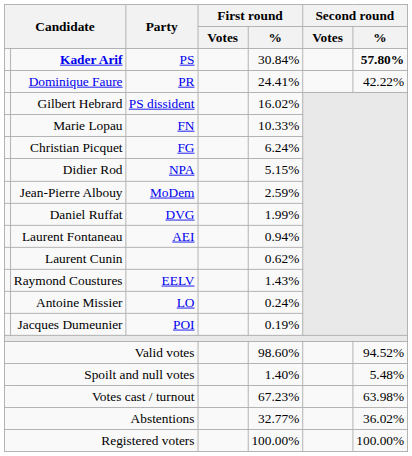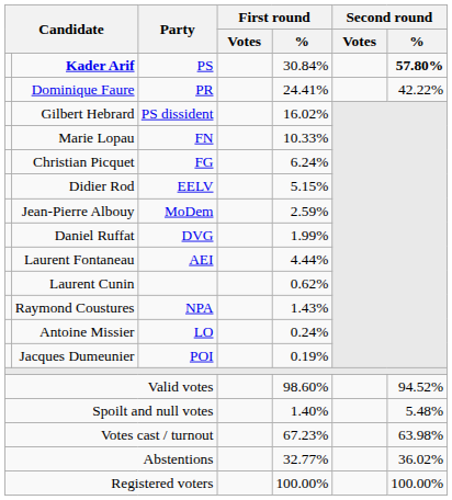 <table class="wikitable" style="text-align:right;font-size:95%;">
 <tr>
 <th rowspan=2 colspan=2>Candidate</th>
 <th rowspan=2 colspan=1>Party</th>
 <th colspan=2>First round</th>
 <th colspan=2>Second round</th>
 </tr>
 <tr>
 <th style="width:50px;">Votes</th>
 <th style="width:55px;">%</th>
 <th style="width:50px;">Votes</th>
 <th style="width:55px;">%</th>
 </tr>
 <tr>
 <td style="color:inherit;background-color:"></td>
 <td><strong><a href='#'>Kader Arif</a></strong></td>
 <td><a href='#'>PS</a></td>
 <td></td>
 <td>30.84%</td>
 <td><strong></strong></td>
 <td><strong>57.80%</strong></td>
 </tr>
 <tr>
 <td style="color:inherit;background-color:"></td>
 <td><a href='#'>Dominique Faure</a></td>
 <td><a href='#'>PR</a></td>
 <td></td>
 <td>24.41%</td>
 <td></td>
 <td>42.22%</td>
 </tr>
 <tr>
 <td style="color:inherit;background-color:"></td>
 <td>Gilbert Hebrard</td>
 <td><a href='#'>PS dissident</a></td>
 <td></td>
 <td>16.02%</td>
 <td colspan=7 rowspan=11 style="background-color:#E9E9E9;"></td>
 </tr>
 <tr>
 <td style="color:inherit;background-color:"></td>
 <td>Marie Lopau</td>
 <td><a href='#'>FN</a></td>
 <td></td>
 <td>10.33%</td>
 </tr>
 <tr>
 <td style="color:inherit;background-color:"></td>
 <td>Christian Picquet</td>
 <td><a href='#'>FG</a></td>
 <td></td>
 <td>6.24%</td>
 </tr>
 <tr>
 <td style="color:inherit;background-color:"></td>
 <td>Didier Rod</td>
-<td><a href='#'>NPA</a></td>
+<td><a href='#'>EELV</a></td>
 <td></td>
 <td>5.15%</td>
 </tr>
 <tr>
 <td style="color:inherit;background-color:"></td>
 <td>Jean-Pierre Albouy</td>
 <td><a href='#'>MoDem</a></td>
 <td></td>
 <td>2.59%</td>
 </tr>
 <tr>
 <td style="color:inherit;background-color:"></td>
 <td>Daniel Ruffat</td>
 <td><a href='#'>DVG</a></td>
 <td></td>
 <td>1.99%</td>
 </tr>
 <tr>
 <td style="color:inherit;background-color:"></td>
 <td>Laurent Fontaneau</td>
 <td><a href='#'>AEI</a></td>
 <td></td>
-<td>0.94%</td>
+<td>4.44%</td>
 </tr>
 <tr>
 <td style="background-color:;"></td>
 <td>Laurent Cunin</td>
 <td></td>
 <td></td>
 <td>0.62%</td>
 </tr>
 <tr>
 <td style="color:inherit;background-color:"></td>
 <td>Raymond Coustures</td>
-<td><a href='#'>EELV</a></td>
+<td><a href='#'>NPA</a></td>
 <td></td>
 <td>1.43%</td>
 </tr>
 <tr>
 <td style="color:inherit;background-color:"></td>
 <td>Antoine Missier</td>
 <td><a href='#'>LO</a></td>
 <td></td>
 <td>0.24%</td>
 </tr>
 <tr>
 <td style="color:inherit;background-color:"></td>
 <td>Jacques Dumeunier</td>
 <td><a href='#'>POI</a></td>
 <td></td>
 <td>0.19%</td>
 </tr>
 <tr>
 <td colspan=7 style="background-color:#E9E9E9;"></td>
 </tr>
 <tr>
 <td colspan=3>Valid votes</td>
 <td></td>
 <td>98.60%</td>
 <td></td>
 <td>94.52%</td>
 </tr>
 <tr>
 <td colspan=3>Spoilt and null votes</td>
 <td></td>
 <td>1.40%</td>
 <td></td>
 <td>5.48%</td>
 </tr>
 <tr>
 <td colspan=3>Votes cast / turnout</td>
 <td></td>
 <td>67.23%</td>
 <td></td>
 <td>63.98%</td>
 </tr>
 <tr>
 <td colspan=3>Abstentions</td>
 <td></td>
 <td>32.77%</td>
 <td></td>
 <td>36.02%</td>
 </tr>
 <tr>
 <td colspan=3>Registered voters</td>
 <td></td>
 <td>100.00%</td>
 <td></td>
 <td>100.00%</td>
 </tr>
 </table>
